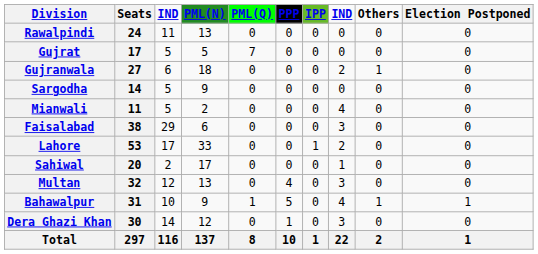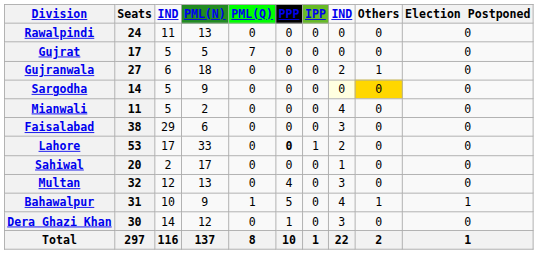 <table class="wikitable sortable"style="text-align:center;">
 <tr>
 <th><a href='#'>Division</a></th>
 <th>Seats</th>
 <td style="background:"><a href='#'><span><strong>IND</strong></span></a>  </td>
 <td style="background:#228b22;"><a href='#'><span><strong>PML(N)</strong></span></a></td>
 <td style="background:#00ff00;"><a href='#'><span><strong>PML(Q)</strong></span></a></td>
 <td style="background:#000000;"><a href='#'><span><strong>PPP</strong></span></a></td>
 <td style="background:#67ba27;"><a href='#'><span><strong>IPP</strong></span></a></td>
 <td><a href='#'><span><strong>IND</strong></span></a></td>
 <td><span><strong>Others</strong></span></td>
 <th>Election Postponed</th>
 </tr>
 <tr>
 <th><a href='#'>Rawalpindi</a></th>
 <th>24</th>
 <td>11</td>
 <td style="background:">13</td>
 <td>0</td>
 <td>0</td>
 <td>0</td>
 <td>0</td>
 <td>0</td>
 <td>0</td>
 </tr>
 <tr>
 <th><a href='#'>Gujrat</a></th>
 <th>17</th>
 <td>5</td>
 <td>5</td>
 <td style="background:">7</td>
 <td>0</td>
 <td>0</td>
 <td>0</td>
 <td>0</td>
 <td>0</td>
 </tr>
 <tr>
 <th><a href='#'>Gujranwala</a></th>
 <th>27</th>
 <td>6</td>
 <td style="background:">18</td>
 <td>0</td>
 <td>0</td>
 <td>0</td>
 <td>2</td>
 <td>1</td>
 <td>0</td>
 </tr>
 <tr>
 <th><a href='#'>Sargodha</a></th>
 <th>14</th>
 <td>5</td>
 <td style="background:">9</td>
 <td>0</td>
 <td>0</td>
 <td>0</td>
-<td>0</td>
-<td>0</td>
+<td style="background: lightyellow;">0</td>
+<td style="background: gold;">0</td>
 <td>0</td>
 </tr>
 <tr>
 <th><a href='#'>Mianwali</a></th>
 <th>11</th>
 <td style="background:">5</td>
 <td>2</td>
 <td>0</td>
 <td>0</td>
 <td>0</td>
 <td>4</td>
 <td>0</td>
 <td>0</td>
 </tr>
 <tr>
 <th><a href='#'>Faisalabad</a></th>
 <th>38</th>
 <td style="background:">29</td>
 <td>6</td>
 <td>0</td>
 <td>0</td>
 <td>0</td>
 <td>3</td>
 <td>0</td>
 <td>0</td>
 </tr>
 <tr>
 <th><a href='#'>Lahore</a></th>
 <th>53</th>
 <td>17</td>
 <td style="background:">33</td>
 <td>0</td>
-<td>0</td>
+<td><strong>0</strong></td>
 <td>1</td>
 <td>2</td>
 <td>0</td>
 <td>0</td>
 </tr>
 <tr>
 <th><a href='#'>Sahiwal</a></th>
 <th>20</th>
 <td>2</td>
 <td style="background:">17</td>
 <td>0</td>
 <td>0</td>
 <td>0</td>
 <td>1</td>
 <td>0</td>
 <td>0</td>
 </tr>
 <tr>
 <th><a href='#'>Multan</a></th>
 <th>32</th>
 <td>12</td>
 <td style="background:">13</td>
 <td>0</td>
 <td>4</td>
 <td>0</td>
 <td>3</td>
 <td>0</td>
 <td>0</td>
 </tr>
 <tr>
 <th><a href='#'>Bahawalpur</a></th>
 <th>31</th>
 <td style="background:">10</td>
 <td>9</td>
 <td>1</td>
 <td>5</td>
 <td>0</td>
 <td>4</td>
 <td>1</td>
 <td>1</td>
 </tr>
 <tr>
 <th><a href='#'>Dera Ghazi Khan</a></th>
 <th>30</th>
 <td style="background:">14</td>
 <td>12</td>
 <td>0</td>
 <td>1</td>
 <td>0</td>
 <td>3</td>
 <td>0</td>
 <td>0</td>
 </tr>
 <tr>
 <th>Total</th>
 <th>297</th>
 <th>116</th>
 <th>137</th>
 <th>8</th>
 <th>10</th>
 <th>1</th>
 <th>22</th>
 <th>2</th>
 <th>1</th>
 </tr>
 </table>
